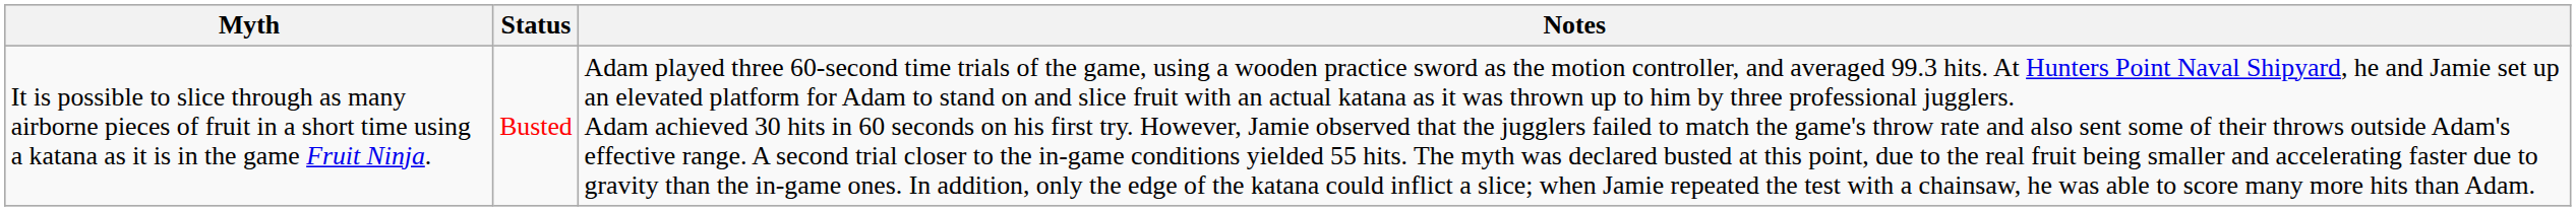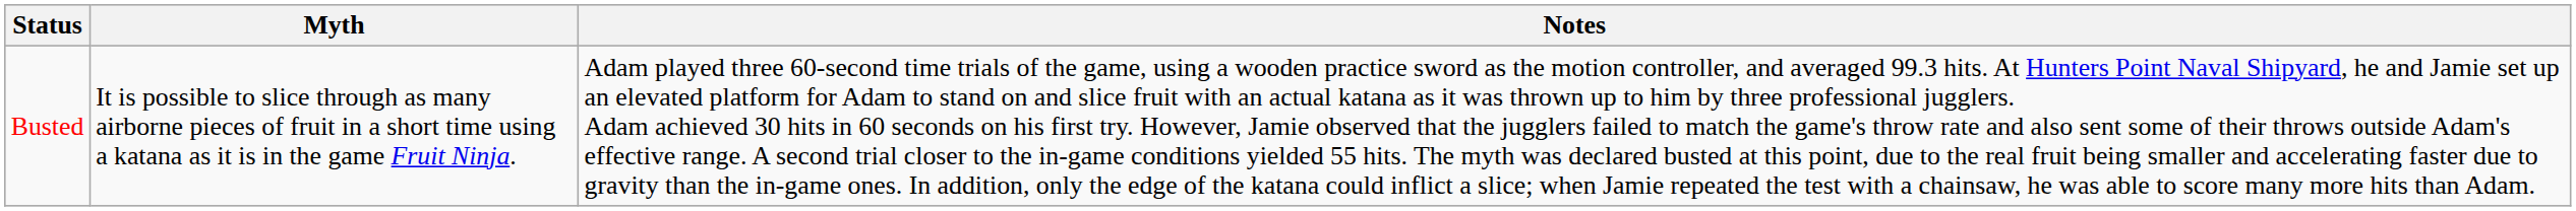 <table class="wikitable plainrowheaders">
 <tr>
+<th scope"col">Status</th>
 <th scope"col">Myth</th>
-<th scope"col">Status</th>
 <th scope"col">Notes</th>
 </tr>
 <tr>
+<td style="color:red">Busted</td>
 <td scope"row">It is possible to slice through as many airborne pieces of fruit in a short time using a katana as it is in the game <em><a href='#'>Fruit Ninja</a></em>.</td>
-<td style="color:red">Busted</td>
 <td>Adam played three 60-second time trials of the game, using a wooden practice sword as the motion controller, and averaged 99.3 hits. At <a href='#'>Hunters Point Naval Shipyard</a>, he and Jamie set up an elevated platform for Adam to stand on and slice fruit with an actual katana as it was thrown up to him by three professional jugglers.<br>Adam achieved 30 hits in 60 seconds on his first try. However, Jamie observed that the jugglers failed to match the game's throw rate and also sent some of their throws outside Adam's effective range. A second trial closer to the in-game conditions yielded 55 hits. The myth was declared busted at this point, due to the real fruit being smaller and accelerating faster due to gravity than the in-game ones. In addition, only the edge of the katana could inflict a slice; when Jamie repeated the test with a chainsaw, he was able to score many more hits than Adam.</td>
 </tr>
 </table>
